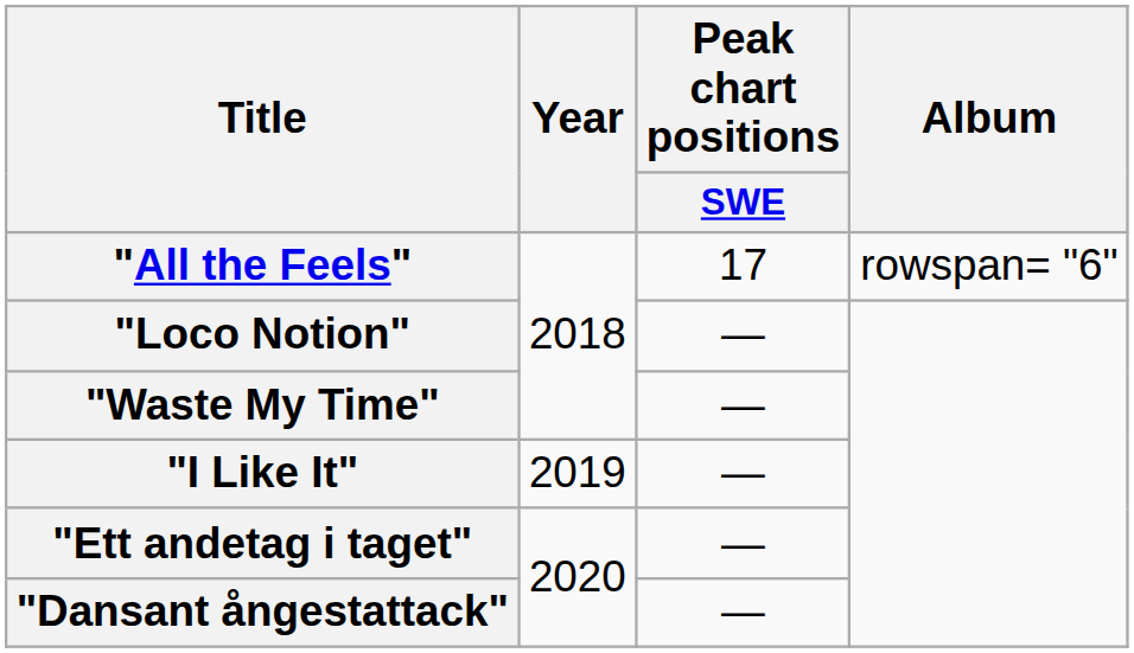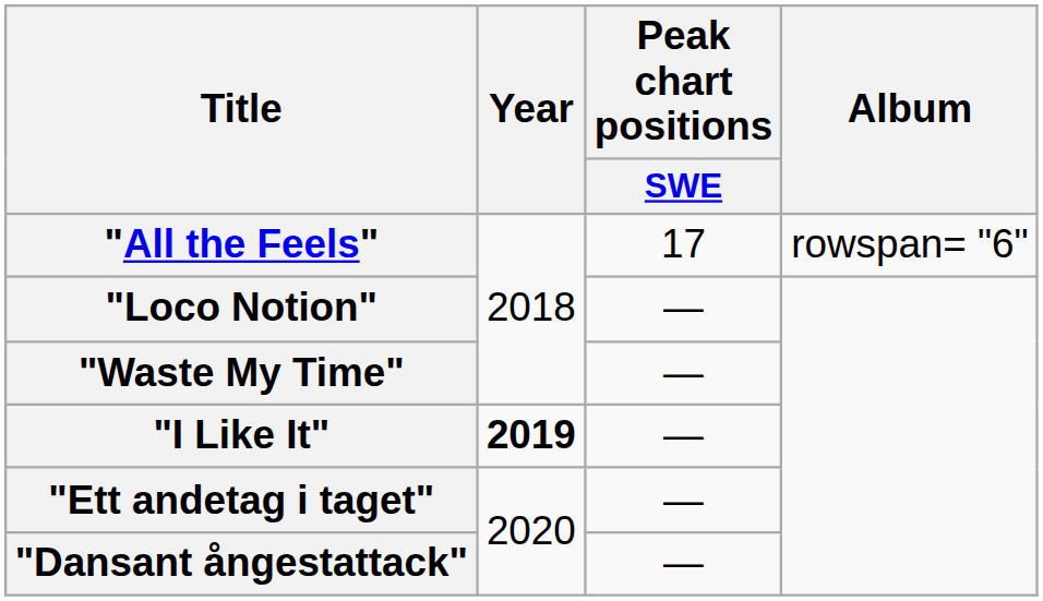 <table class="wikitable plainrowheaders" style="text-align:center;">
 <tr>
 <th scope="col" rowspan="2">Title</th>
 <th scope="col" rowspan="2">Year</th>
 <th scope="col" colspan="1">Peak chart positions</th>
 <th scope="col" rowspan="2">Album</th>
 </tr>
 <tr>
 <th scope="col" style="width:3em;font-size:85%;"><a href='#'>SWE</a><br></th>
 </tr>
 <tr>
 <th scope="row">"<a href='#'>All the Feels</a>"</th>
 <td rowspan= "3">2018</td>
 <td>17<br></td>
 <td>rowspan= "6" </td>
 </tr>
 <tr>
 <th scope="row">"Loco Notion"</th>
 <td>—</td>
 </tr>
 <tr>
 <th scope="row">"Waste My Time"</th>
 <td>—</td>
 </tr>
 <tr>
 <th scope="row">"I Like It"</th>
-<td>2019</td>
+<td><strong>2019</strong></td>
 <td>—</td>
 </tr>
 <tr>
 <th scope="row">"Ett andetag i taget"</th>
 <td rowspan= "2">2020</td>
 <td>—</td>
 </tr>
 <tr>
 <th scope="row">"Dansant ångestattack"</th>
 <td>—</td>
 </tr>
 </table>
